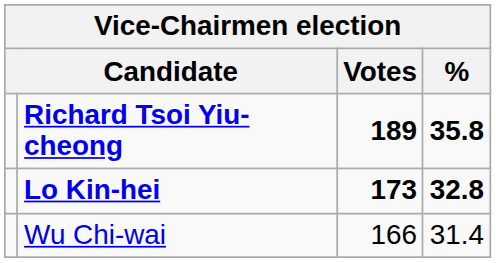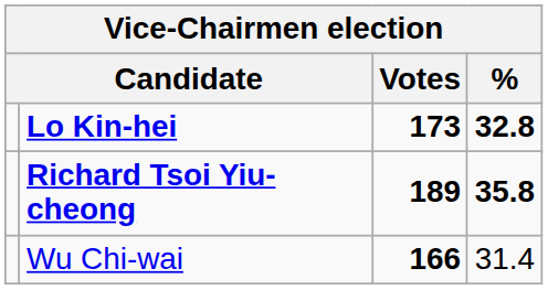 <table class="wikitable" style="text-align:right; width:280px">
 <tr>
 <th colspan=4>Vice-Chairmen election</th>
 </tr>
 <tr>
 <th colspan=2>Candidate</th>
 <th>Votes</th>
 <th>%</th>
 </tr>
 <tr>
 <td></td>
+<td align=left><strong><a href='#'>Lo Kin-hei</a></strong></td>
+<td><strong>173</strong></td>
+<td><strong>32.8</strong></td>
+</tr>
+<tr>
+<td></td>
 <td align=left><strong><a href='#'>Richard Tsoi Yiu-cheong</a></strong></td>
 <td><strong>189</strong></td>
 <td><strong>35.8</strong></td>
 </tr>
 <tr>
 <td></td>
-<td align=left><strong><a href='#'>Lo Kin-hei</a></strong></td>
-<td><strong>173</strong></td>
-<td><strong>32.8</strong></td>
-</tr>
-<tr>
-<td></td>
 <td align=left><a href='#'>Wu Chi-wai</a></td>
-<td>166</td>
+<td><strong>166</strong></td>
 <td>31.4</td>
 </tr>
 </table>
